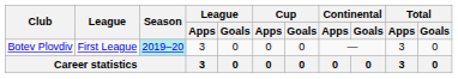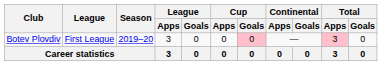 <table class="wikitable" style="font-size:90%; text-align: center">
 <tr>
 <th rowspan=2>Club</th>
 <th rowspan=2>League</th>
 <th rowspan=2>Season</th>
 <th colspan=2>League</th>
 <th colspan=2>Cup</th>
 <th colspan=2>Continental</th>
 <th colspan=2>Total</th>
 </tr>
 <tr>
 <th>Apps</th>
 <th>Goals</th>
 <th>Apps</th>
 <th>Goals</th>
 <th>Apps</th>
 <th>Goals</th>
 <th>Apps</th>
 <th>Goals</th>
 </tr>
 <tr>
 <td rowspan=1 valign="center"><a href='#'>Botev Plovdiv</a></td>
 <td rowspan="1"><a href='#'>First League</a></td>
-<td style="background: paleturquoise;"><a href='#'>2019–20</a></td>
+<td><a href='#'>2019–20</a></td>
 <td>3</td>
 <td>0</td>
 <td>0</td>
-<td>0</td>
+<td style="background: pink;">0</td>
 <td colspan="2">—</td>
-<td>3</td>
+<td style="background: pink;">3</td>
 <td>0</td>
 </tr>
 <tr>
 <th colspan=3>Career statistics</th>
 <th>3</th>
 <th>0</th>
 <th>0</th>
 <th>0</th>
 <th>0</th>
 <th>0</th>
 <th>3</th>
 <th>0</th>
 </tr>
 </table>
